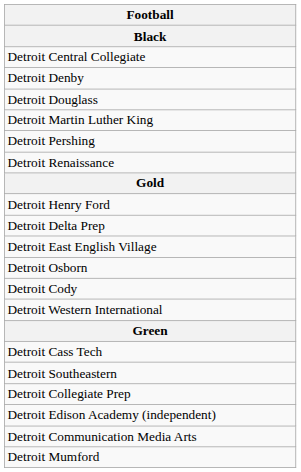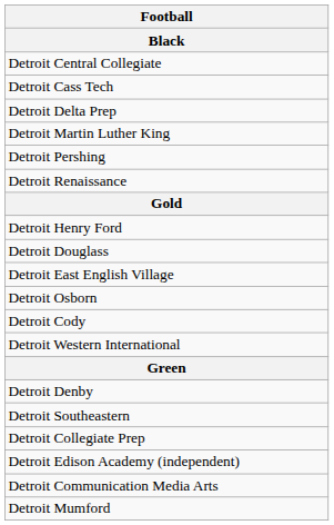 <table class="wikitable collapsible collapsed" style="width:22em">
 <tr>
 <th align=center>Football</th>
 </tr>
 <tr>
 <th>Black</th>
 </tr>
 <tr>
 <td>Detroit Central Collegiate</td>
 </tr>
 <tr>
-<td>Detroit Denby</td>
+<td>Detroit Cass Tech</td>
 </tr>
 <tr>
-<td>Detroit Douglass</td>
+<td>Detroit Delta Prep</td>
 </tr>
 <tr>
 <td>Detroit Martin Luther King</td>
 </tr>
 <tr>
 <td>Detroit Pershing</td>
 </tr>
 <tr>
 <td>Detroit Renaissance</td>
 </tr>
 <tr>
 <th>Gold</th>
 </tr>
 <tr>
 <td>Detroit Henry Ford</td>
 </tr>
 <tr>
-<td>Detroit Delta Prep</td>
+<td>Detroit Douglass</td>
 </tr>
 <tr>
 <td>Detroit East English Village</td>
 </tr>
 <tr>
 <td>Detroit Osborn</td>
 </tr>
 <tr>
 <td>Detroit Cody</td>
 </tr>
 <tr>
 <td>Detroit Western International</td>
 </tr>
 <tr>
 <th>Green</th>
 </tr>
 <tr>
-<td>Detroit Cass Tech</td>
+<td>Detroit Denby</td>
 </tr>
 <tr>
 <td>Detroit Southeastern</td>
 </tr>
 <tr>
 <td>Detroit Collegiate Prep</td>
 </tr>
 <tr>
 <td>Detroit Edison Academy (independent)</td>
 </tr>
 <tr>
 <td>Detroit Communication Media Arts</td>
 </tr>
 <tr>
 <td>Detroit Mumford</td>
 </tr>
 </table>
